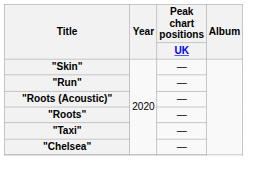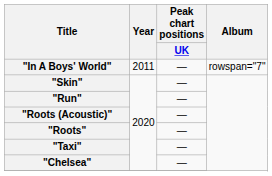 <table class="wikitable plainrowheaders" style="text-align:center;">
 <tr>
 <th scope="col" rowspan="2" style="width:12em;">Title</th>
 <th scope="col" rowspan="2">Year</th>
 <th scope="col" colspan="1">Peak<br>chart<br>positions</th>
 <th scope="col" rowspan="2">Album</th>
 </tr>
 <tr>
 <th scope="col"><a href='#'>UK</a></th>
+</tr>
+<tr>
+<th scope="row">"In A Boys' World"</th>
+<td>2011</td>
+<td>—</td>
+<td>rowspan="7" </td>
 </tr>
 <tr>
 <th scope="row">"Skin"</th>
 <td rowspan="6">2020</td>
 <td>—</td>
 </tr>
 <tr>
 <th scope="row">"Run"</th>
 <td>—</td>
 </tr>
 <tr>
 <th scope="row">"Roots (Acoustic)"</th>
 <td>—</td>
 </tr>
 <tr>
 <th scope="row">"Roots"</th>
 <td>—</td>
 </tr>
 <tr>
 <th scope="row">"Taxi"</th>
 <td>—</td>
 </tr>
 <tr>
 <th scope="row">"Chelsea"</th>
 <td>—</td>
 </tr>
 <tr>
 </tr>
 </table>
